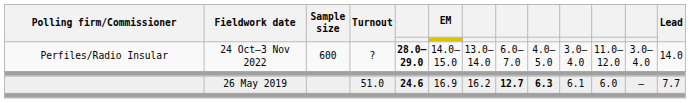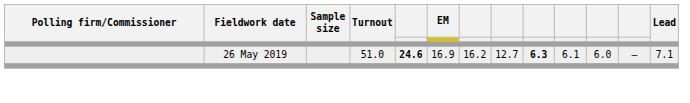 <table class="wikitable collapsible collapsed" style="text-align:center; font-size:95%; line-height:16px;">
 <tr style="height:42px;">
 <th style="width:250px;" rowspan="2">Polling firm/Commissioner</th>
 <th style="width:125px;" rowspan="2">Fieldwork date</th>
 <th style="width:50px;" rowspan="2">Sample size</th>
 <th style="width:45px;" rowspan="2">Turnout</th>
 <th style="width:35px;"></th>
 <th style="width:35px;">EM</th>
 <th style="width:35px;"></th>
 <th style="width:35px;"></th>
 <th style="width:35px;"></th>
 <th style="width:35px;"></th>
 <th style="width:35px;"></th>
 <th style="width:35px;"></th>
 <th style="width:30px;" rowspan="2">Lead</th>
 </tr>
 <tr>
 <th style="color:inherit;background:"></th>
 <th style="color:inherit;background:#DEC101;"></th>
 <th style="color:inherit;background:"></th>
 <th style="color:inherit;background:"></th>
 <th style="color:inherit;background:"></th>
 <th style="color:inherit;background:"></th>
 <th style="color:inherit;background:"></th>
 <th style="color:inherit;background:"></th>
 </tr>
 <tr>
-<td>Perfiles/Radio Insular</td>
-<td>24 Oct–3 Nov 2022</td>
-<td>600</td>
-<td>?</td>
-<td><strong>28.0–<br>29.0</strong><br></td>
-<td>14.0–<br>15.0<br></td>
-<td>13.0–<br>14.0<br></td>
-<td>6.0–<br>7.0<br></td>
-<td>4.0–<br>5.0<br></td>
-<td>3.0–<br>4.0<br></td>
-<td>11.0–<br>12.0<br></td>
-<td>3.0–<br>4.0<br></td>
-<td style="background:">14.0</td>
-</tr>
-<tr>
 <td colspan="13" style="background:#A0A0A0"></td>
 </tr>
 <tr style="background:#EFEFEF;">
 <td><strong></strong></td>
 <td>26 May 2019</td>
 <td></td>
 <td>51.0</td>
 <td><strong>24.6</strong><br></td>
 <td>16.9<br></td>
 <td>16.2<br></td>
-<td><strong>12.7<br></strong></td>
+<td>12.7<br></td>
 <td><strong>6.3<br></strong></td>
 <td>6.1<br></td>
 <td>6.0<br></td>
 <td>–</td>
-<td style="background:">7.7</td>
+<td style="background:">7.1</td>
 </tr>
 <tr>
 <td colspan="13" style="background:#A0A0A0"></td>
 </tr>
 </table>
